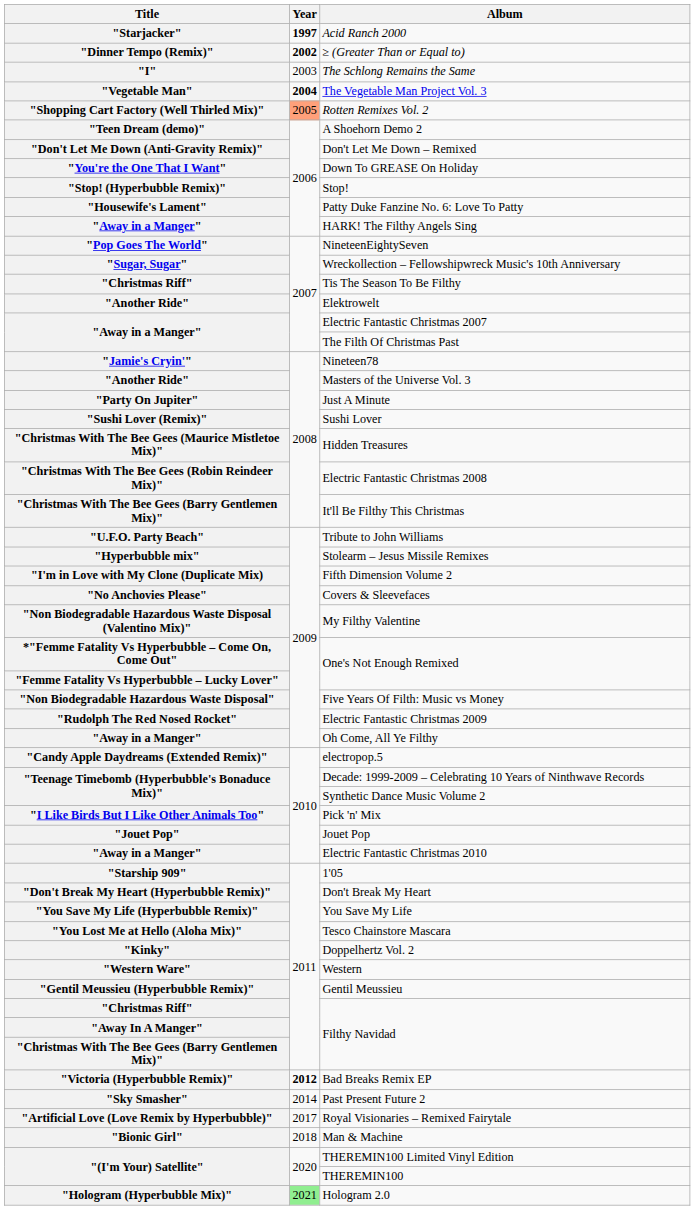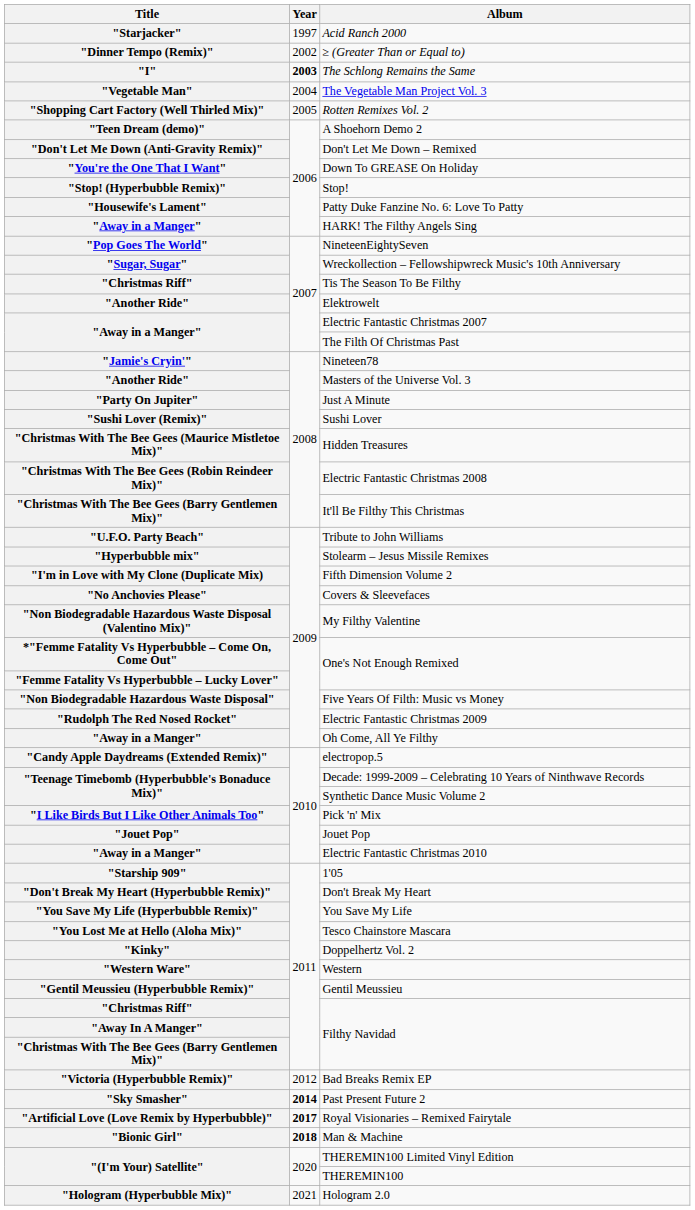 <table class="wikitable plainrowheaders" " border="1">
 <tr>
 <th scope="col" style="width:23em;">Title</th>
 <th scope="col">Year</th>
 <th scope="col" style="width:30em;">Album</th>
 </tr>
 <tr>
 <th scope="row">"Starjacker"</th>
-<td><strong>1997</strong></td>
+<td>1997</td>
 <td><em>Acid Ranch 2000</em></td>
 </tr>
 <tr>
 <th scope="row">"Dinner Tempo (Remix)"</th>
-<td><strong>2002</strong></td>
+<td>2002</td>
 <td><em>≥ (Greater Than or Equal to)</em></td>
 </tr>
 <tr>
 <th scope="row">"I"</th>
-<td>2003</td>
+<td><strong>2003</strong></td>
 <td><em>The Schlong Remains the Same</em></td>
 </tr>
 <tr>
 <th scope="row">"Vegetable Man"</th>
-<td><strong>2004</strong></td>
+<td>2004</td>
 <td><em><a href='#'></em>The Vegetable Man Project Vol. 3<em></a></em></td>
 </tr>
 <tr>
 <th scope="row">"Shopping Cart Factory (Well Thirled Mix)"</th>
-<td style="background: lightsalmon;">2005</td>
+<td>2005</td>
 <td><em>Rotten Remixes Vol. 2<strong></td>
 </tr>
 <tr>
 <th scope="row">"Teen Dream  (demo)"</th>
 <td rowspan="6">2006</td>
 <td></em>A Shoehorn Demo 2<em></td>
 </tr>
 <tr>
 <th scope="row">"Don't Let Me Down (Anti-Gravity Remix)"</th>
 <td></em>Don't Let Me Down – Remixed<em></td>
 </tr>
 <tr>
 <th scope="row">"<a href='#'>You're the One That I Want</a>"</th>
 <td></em>Down To GREASE On Holiday<em></td>
 </tr>
 <tr>
 <th scope="row">"Stop! (Hyperbubble Remix)"</th>
 <td></em>Stop!<em></td>
 </tr>
 <tr>
 <th scope="row">"Housewife's Lament"</th>
 <td></em>Patty Duke Fanzine No. 6: Love To Patty<em></td>
 </tr>
 <tr>
 <th scope="row">"<a href='#'>Away in a Manger</a>"</th>
 <td></em>HARK! The Filthy Angels Sing<em></td>
 </tr>
 <tr>
 <th scope="row">"<a href='#'>Pop Goes The World</a>"</th>
 <td rowspan="6">2007</td>
 <td></em>NineteenEightySeven<em></td>
 </tr>
 <tr>
 <th scope="row">"<a href='#'>Sugar, Sugar</a>"</th>
 <td></em>Wreckollection – Fellowshipwreck Music's 10th Anniversary<em></td>
 </tr>
 <tr>
 <th scope="row">"Christmas Riff"</th>
 <td></em>Tis The Season To Be Filthy<em></td>
 </tr>
 <tr>
 <th scope="row">"Another Ride"</th>
 <td></em>Elektrowelt<em></td>
 </tr>
 <tr>
 <th scope="row" rowspan="2">"Away in a Manger"</th>
 <td></em>Electric Fantastic Christmas 2007<em></td>
 </tr>
 <tr>
 <td></em>The Filth Of Christmas Past<em></td>
 </tr>
 <tr>
 <th scope="row">"<a href='#'>Jamie's Cryin'</a>"</th>
 <td rowspan="7">2008</td>
 <td></em>Nineteen78<em></td>
 </tr>
 <tr>
 <th scope="row">"Another Ride"</th>
 <td></em>Masters of the Universe Vol. 3<em></td>
 </tr>
 <tr>
 <th scope="row">"Party On Jupiter"</th>
 <td></em>Just A Minute<em></td>
 </tr>
 <tr>
 <th scope="row">"Sushi Lover (Remix)"</th>
 <td></em>Sushi Lover<em></td>
 </tr>
 <tr>
 <th scope="row">"Christmas With The Bee Gees (Maurice Mistletoe Mix)"</th>
 <td></em>Hidden Treasures<em></td>
 </tr>
 <tr>
 <th scope="row">"Christmas With The Bee Gees (Robin Reindeer Mix)"</th>
 <td></em>Electric Fantastic Christmas 2008<em></td>
 </tr>
 <tr>
 <th scope="row">"Christmas With The Bee Gees (Barry Gentlemen Mix)"</th>
 <td></em>It'll Be Filthy This Christmas<em></td>
 </tr>
 <tr>
 <th scope="row">"U.F.O. Party Beach"</th>
 <td rowspan="10">2009</td>
 <td></em>Tribute to John Williams<em></td>
 </tr>
 <tr>
 <th scope="row">"Hyperbubble mix"</th>
 <td></em>Stolearm – Jesus Missile Remixes<em></td>
 </tr>
 <tr>
 <th scope="row">"I'm in Love with My Clone (Duplicate Mix)</th>
 <td></em>Fifth Dimension Volume 2<em></td>
 </tr>
 <tr>
 <th scope="row">"No Anchovies Please"</th>
 <td></em>Covers & Sleevefaces<em></td>
 </tr>
 <tr>
 <th scope="row">"Non Biodegradable Hazardous Waste Disposal (Valentino Mix)"</th>
 <td></em>My Filthy Valentine<em></td>
 </tr>
 <tr>
 <th scope="row">*"Femme Fatality Vs Hyperbubble – Come On, Come Out"</th>
 <td rowspan="2"></em>One's Not Enough Remixed<em></td>
 </tr>
 <tr>
 <th scope="row">"Femme Fatality Vs Hyperbubble – Lucky Lover"</th>
 </tr>
 <tr>
 <th scope="row">"Non Biodegradable Hazardous Waste Disposal"</th>
 <td></em>Five Years Of Filth: Music vs Money<em></td>
 </tr>
 <tr>
 <th scope="row">"Rudolph The Red Nosed Rocket"</th>
 <td></em>Electric Fantastic Christmas 2009<em></td>
 </tr>
 <tr>
 <th scope="row">"Away in a Manger"</th>
 <td></em>Oh Come, All Ye Filthy<em></td>
 </tr>
 <tr>
 <th scope="row">"Candy Apple Daydreams (Extended Remix)"</th>
 <td rowspan="6">2010</td>
 <td></em>electropop.5<em></td>
 </tr>
 <tr>
 <th scope="row" rowspan="2">"Teenage Timebomb (Hyperbubble's Bonaduce Mix)"</th>
 <td></em>Decade: 1999-2009 – Celebrating 10 Years of Ninthwave Records<em></td>
 </tr>
 <tr>
 <td></em>Synthetic Dance Music Volume 2<em></td>
 </tr>
 <tr>
 <th scope="row">"<a href='#'>I Like Birds But I Like Other Animals Too</a>"</th>
 <td></em>Pick 'n' Mix<em></td>
 </tr>
 <tr>
 <th scope="row">"Jouet Pop"</th>
 <td></em>Jouet Pop<em></td>
 </tr>
 <tr>
 <th scope="row">"Away in a Manger"</th>
 <td></em>Electric Fantastic Christmas 2010<em></td>
 </tr>
 <tr>
 <th scope="row">"Starship 909"</th>
 <td rowspan="10">2011</td>
 <td></em>1'05 <em></td>
 </tr>
 <tr>
 <th scope="row">"Don't Break My Heart (Hyperbubble Remix)"</th>
 <td></em>Don't Break My Heart<em></td>
 </tr>
 <tr>
 <th scope="row">"You Save My Life (Hyperbubble Remix)"</th>
 <td></em>You Save My Life<em></td>
 </tr>
 <tr>
 <th scope="row">"You Lost Me at Hello (Aloha Mix)"</th>
 <td></em>Tesco Chainstore Mascara<em></td>
 </tr>
 <tr>
 <th scope="row">"Kinky"</th>
 <td></em>Doppelhertz Vol. 2<em></td>
 </tr>
 <tr>
 <th scope="row">"Western Ware"</th>
 <td></em>Western<em></td>
 </tr>
 <tr>
 <th scope="row">"Gentil Meussieu (Hyperbubble Remix)"</th>
 <td></em>Gentil Meussieu<em></td>
 </tr>
 <tr>
 <th scope="row">"Christmas Riff"</th>
 <td rowspan="3"></em>Filthy Navidad<em></td>
 </tr>
 <tr>
 <th scope="row">"Away In A Manger"</th>
 </tr>
 <tr>
 <th scope="row">"Christmas With The Bee Gees (Barry Gentlemen Mix)"</th>
 </tr>
 <tr>
 <th scope="row">"Victoria (Hyperbubble Remix)"</th>
-<td><strong>2012</strong></td>
+<td>2012</td>
 <td></em>Bad Breaks Remix EP<em></td>
 </tr>
 <tr>
 <th scope="row">"Sky Smasher"</th>
-<td>2014</td>
+<td><strong>2014</strong></td>
 <td></em>Past Present Future 2<em></td>
 </tr>
 <tr>
 <th scope="row">"Artificial Love (Love Remix by Hyperbubble)"</th>
-<td>2017</td>
+<td><strong>2017</strong></td>
 <td></em>Royal Visionaries – Remixed Fairytale<em></td>
 </tr>
 <tr>
 <th scope="row">"Bionic Girl"</th>
-<td>2018</td>
+<td><strong>2018</strong></td>
 <td></em>Man & Machine<em></td>
 </tr>
 <tr>
 <th scope="row" rowspan="2">"(I'm Your) Satellite"</th>
 <td rowspan="2">2020</td>
 <td></em>THEREMIN100 Limited Vinyl Edition<em></td>
 </tr>
 <tr>
 <td></em>THEREMIN100<em></td>
 </tr>
 <tr>
 <th scope="row">"Hologram (Hyperbubble Mix)"</th>
-<td style="background: lightgreen;">2021</td>
+<td>2021</td>
 <td></em>Hologram 2.0<em></td>
 </tr>
 </table>
